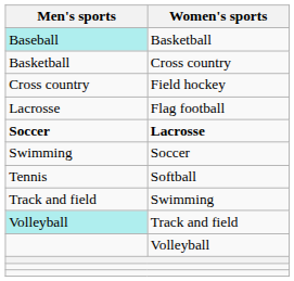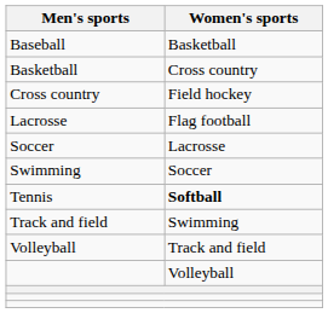 <table class="wikitable"; style="float:right; clear:right; margin-left:15px">
 <tr>
 <th width=150px>Men's sports</th>
 <th width=150px>Women's sports</th>
 </tr>
 <tr>
-<td style="background: paleturquoise;">Baseball</td>
+<td>Baseball</td>
 <td>Basketball</td>
 </tr>
 <tr>
 <td>Basketball</td>
 <td>Cross country</td>
 </tr>
 <tr>
 <td>Cross country</td>
 <td>Field hockey</td>
 </tr>
 <tr>
 <td>Lacrosse</td>
 <td>Flag football</td>
 </tr>
 <tr>
-<td><strong>Soccer</strong></td>
-<td><strong>Lacrosse</strong></td>
+<td>Soccer</td>
+<td>Lacrosse</td>
 </tr>
 <tr>
 <td>Swimming</td>
 <td>Soccer</td>
 </tr>
 <tr>
 <td>Tennis</td>
-<td>Softball</td>
+<td><strong>Softball</strong></td>
 </tr>
 <tr>
 <td>Track and field</td>
 <td>Swimming</td>
 </tr>
 <tr>
-<td style="background: paleturquoise;">Volleyball</td>
+<td>Volleyball</td>
 <td>Track and field</td>
 </tr>
 <tr>
 <td></td>
 <td>Volleyball</td>
 </tr>
 <tr>
 <th colspan=2></th>
 </tr>
 <tr>
 <td colspan=2></td>
 </tr>
 <tr>
 <td colspan=2></td>
 </tr>
 </table>
